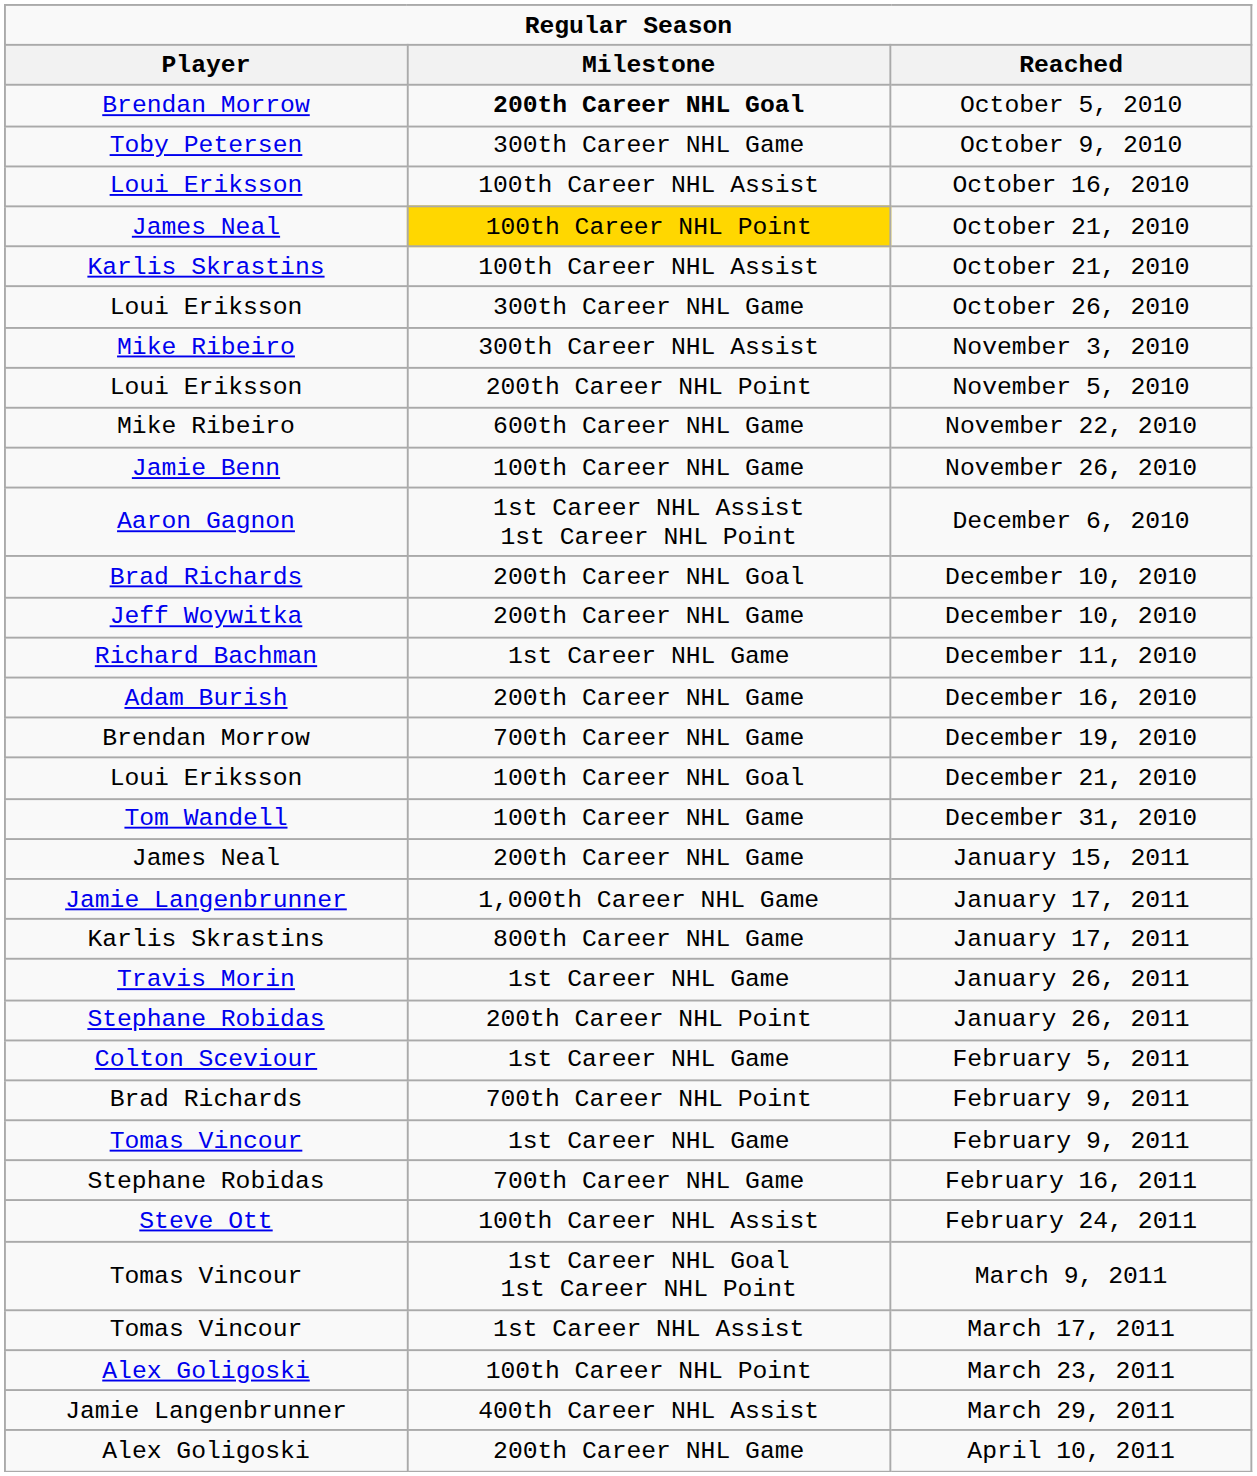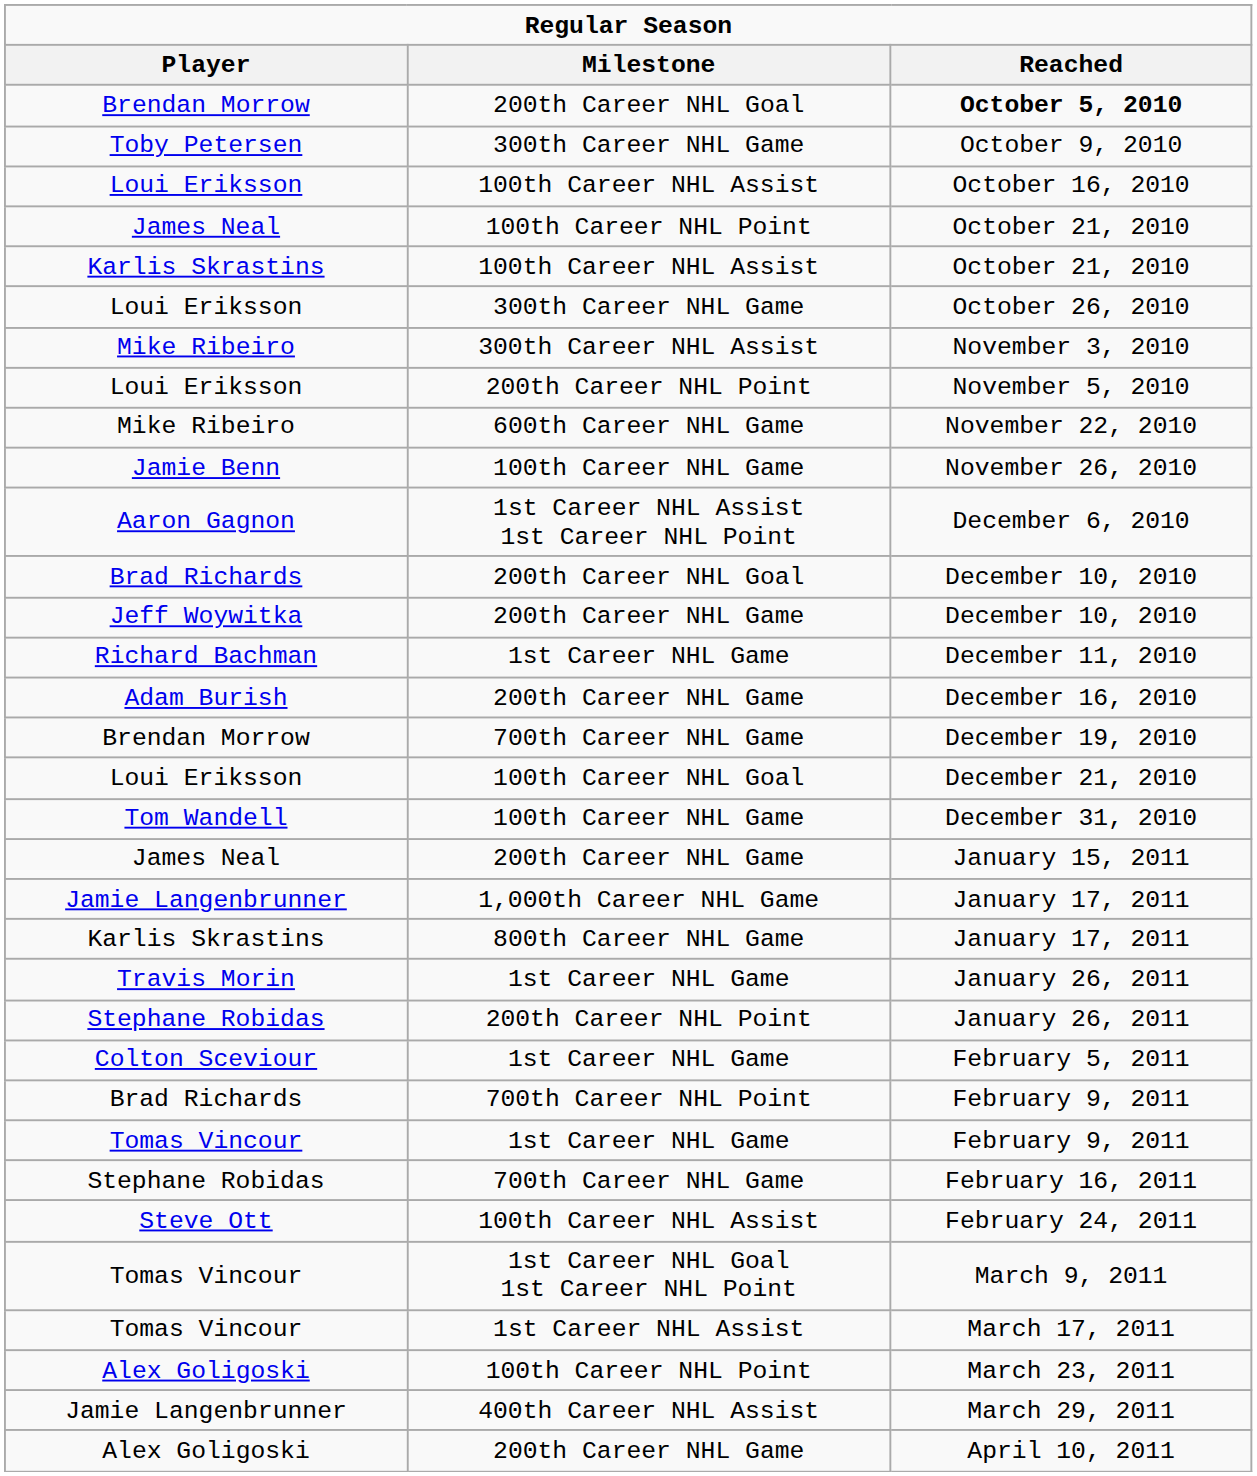 <table class="wikitable" width="52%" style="text-align:center">
 <tr>
 <td colspan="10" align="center"><strong>Regular Season</strong></td>
 </tr>
 <tr>
 <th>Player</th>
 <th>Milestone</th>
 <th>Reached</th>
 </tr>
 <tr>
 <td><a href='#'>Brendan Morrow</a></td>
-<td><strong>200th Career NHL Goal</strong></td>
-<td>October 5, 2010</td>
+<td>200th Career NHL Goal</td>
+<td><strong>October 5, 2010</strong></td>
 </tr>
 <tr>
 <td><a href='#'>Toby Petersen</a></td>
 <td>300th Career NHL Game</td>
 <td>October 9, 2010</td>
 </tr>
 <tr>
 <td><a href='#'>Loui Eriksson</a></td>
 <td>100th Career NHL Assist</td>
 <td>October 16, 2010</td>
 </tr>
 <tr>
 <td><a href='#'>James Neal</a></td>
-<td style="background: gold;">100th Career NHL Point</td>
+<td>100th Career NHL Point</td>
 <td>October 21, 2010</td>
 </tr>
 <tr>
 <td><a href='#'>Karlis Skrastins</a></td>
 <td>100th Career NHL Assist</td>
 <td>October 21, 2010</td>
 </tr>
 <tr>
 <td>Loui Eriksson</td>
 <td>300th Career NHL Game</td>
 <td>October 26, 2010</td>
 </tr>
 <tr>
 <td><a href='#'>Mike Ribeiro</a></td>
 <td>300th Career NHL Assist</td>
 <td>November 3, 2010</td>
 </tr>
 <tr>
 <td>Loui Eriksson</td>
 <td>200th Career NHL Point</td>
 <td>November 5, 2010</td>
 </tr>
 <tr>
 <td>Mike Ribeiro</td>
 <td>600th Career NHL Game</td>
 <td>November 22, 2010</td>
 </tr>
 <tr>
 <td><a href='#'>Jamie Benn</a></td>
 <td>100th Career NHL Game</td>
 <td>November 26, 2010</td>
 </tr>
 <tr>
 <td><a href='#'>Aaron Gagnon</a></td>
 <td>1st Career NHL Assist<br>1st Career NHL Point</td>
 <td>December 6, 2010</td>
 </tr>
 <tr>
 <td><a href='#'>Brad Richards</a></td>
 <td>200th Career NHL Goal</td>
 <td>December 10, 2010</td>
 </tr>
 <tr>
 <td><a href='#'>Jeff Woywitka</a></td>
 <td>200th Career NHL Game</td>
 <td>December 10, 2010</td>
 </tr>
 <tr>
 <td><a href='#'>Richard Bachman</a></td>
 <td>1st Career NHL Game</td>
 <td>December 11, 2010</td>
 </tr>
 <tr>
 <td><a href='#'>Adam Burish</a></td>
 <td>200th Career NHL Game</td>
 <td>December 16, 2010</td>
 </tr>
 <tr>
 <td>Brendan Morrow</td>
 <td>700th Career NHL Game</td>
 <td>December 19, 2010</td>
 </tr>
 <tr>
 <td>Loui Eriksson</td>
 <td>100th Career NHL Goal</td>
 <td>December 21, 2010</td>
 </tr>
 <tr>
 <td><a href='#'>Tom Wandell</a></td>
 <td>100th Career NHL Game</td>
 <td>December 31, 2010</td>
 </tr>
 <tr>
 <td>James Neal</td>
 <td>200th Career NHL Game</td>
 <td>January 15, 2011</td>
 </tr>
 <tr>
 <td><a href='#'>Jamie Langenbrunner</a></td>
 <td>1,000th Career NHL Game</td>
 <td>January 17, 2011</td>
 </tr>
 <tr>
 <td>Karlis Skrastins</td>
 <td>800th Career NHL Game</td>
 <td>January 17, 2011</td>
 </tr>
 <tr>
 <td><a href='#'>Travis Morin</a></td>
 <td>1st Career NHL Game</td>
 <td>January 26, 2011</td>
 </tr>
 <tr>
 <td><a href='#'>Stephane Robidas</a></td>
 <td>200th Career NHL Point</td>
 <td>January 26, 2011</td>
 </tr>
 <tr>
 <td><a href='#'>Colton Sceviour</a></td>
 <td>1st Career NHL Game</td>
 <td>February 5, 2011</td>
 </tr>
 <tr>
 <td>Brad Richards</td>
 <td>700th Career NHL Point</td>
 <td>February 9, 2011</td>
 </tr>
 <tr>
 <td><a href='#'>Tomas Vincour</a></td>
 <td>1st Career NHL Game</td>
 <td>February 9, 2011</td>
 </tr>
 <tr>
 <td>Stephane Robidas</td>
 <td>700th Career NHL Game</td>
 <td>February 16, 2011</td>
 </tr>
 <tr>
 <td><a href='#'>Steve Ott</a></td>
 <td>100th Career NHL Assist</td>
 <td>February 24, 2011</td>
 </tr>
 <tr>
 <td>Tomas Vincour</td>
 <td>1st Career NHL Goal<br>1st Career NHL Point</td>
 <td>March 9, 2011</td>
 </tr>
 <tr>
 <td>Tomas Vincour</td>
 <td>1st Career NHL Assist</td>
 <td>March 17, 2011</td>
 </tr>
 <tr>
 <td><a href='#'>Alex Goligoski</a></td>
 <td>100th Career NHL Point</td>
 <td>March 23, 2011</td>
 </tr>
 <tr>
 <td>Jamie Langenbrunner</td>
 <td>400th Career NHL Assist</td>
 <td>March 29, 2011</td>
 </tr>
 <tr>
 <td>Alex Goligoski</td>
 <td>200th Career NHL Game</td>
 <td>April 10, 2011</td>
 </tr>
 </table>
